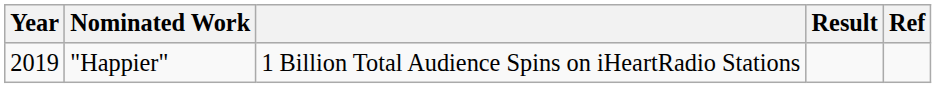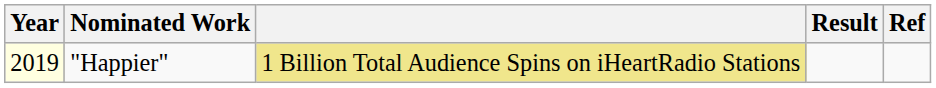 <table class="wikitable">
 <tr>
 <th>Year</th>
 <th>Nominated Work</th>
 <th></th>
 <th>Result</th>
 <th>Ref</th>
 </tr>
 <tr>
-<td>2019</td>
+<td style="background: lightyellow;">2019</td>
 <td>"Happier"</td>
-<td>1 Billion Total Audience Spins on iHeartRadio Stations</td>
+<td style="background: khaki;">1 Billion Total Audience Spins on iHeartRadio Stations</td>
 <td></td>
 <td></td>
 </tr>
 </table>
